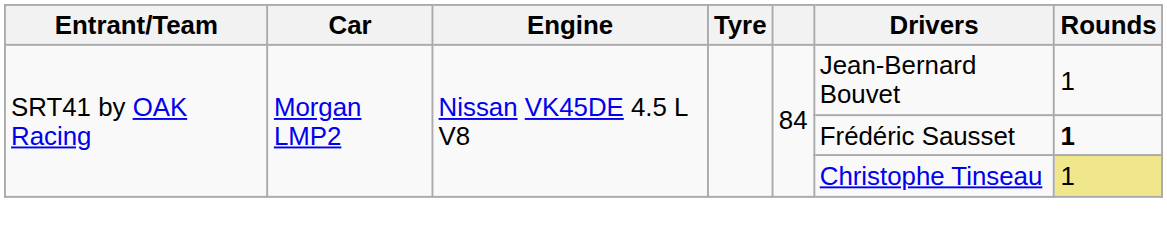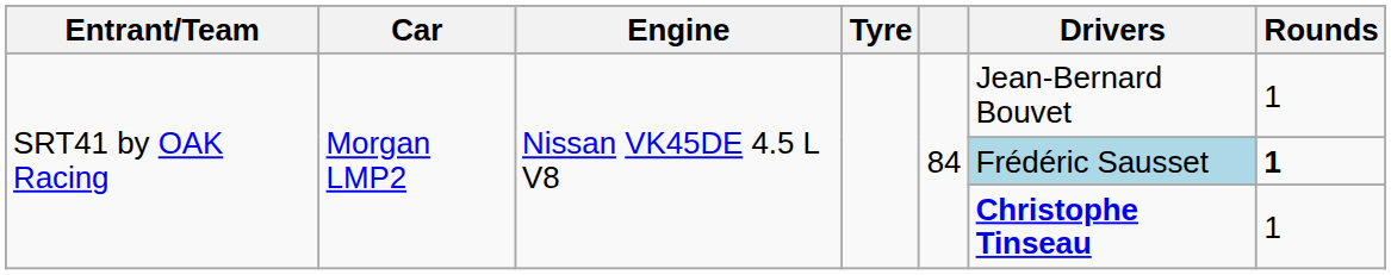 <table class="wikitable" style="font-size: 85%">
 <tr>
 <th>Entrant/Team</th>
 <th>Car</th>
 <th>Engine</th>
 <th>Tyre</th>
 <th></th>
 <th>Drivers</th>
 <th>Rounds</th>
 </tr>
 <tr>
 <td rowspan=3> SRT41 by <a href='#'>OAK Racing</a></td>
 <td rowspan=3><a href='#'>Morgan LMP2</a></td>
 <td rowspan=3><a href='#'>Nissan</a> <a href='#'>VK45DE</a> 4.5 L V8</td>
 <td rowspan=3></td>
 <td rowspan=3>84</td>
 <td> Jean-Bernard Bouvet</td>
 <td>1</td>
 </tr>
 <tr>
-<td> Frédéric Sausset</td>
+<td style="background: lightblue;"> Frédéric Sausset</td>
 <td><strong>1</strong></td>
 </tr>
 <tr>
-<td> <a href='#'>Christophe Tinseau</a></td>
-<td style="background: khaki;">1</td>
+<td><strong> <a href='#'>Christophe Tinseau</a></strong></td>
+<td>1</td>
 </tr>
 </table>
